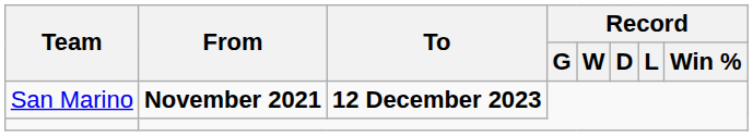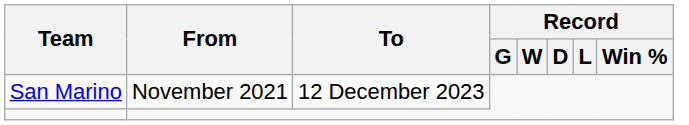 <table class="wikitable" style="text-align: center">
 <tr>
 <th rowspan="2">Team</th>
 <th rowspan="2">From</th>
 <th rowspan="2">To</th>
 <th colspan="5">Record</th>
 </tr>
 <tr>
 <th>G</th>
 <th>W</th>
 <th>D</th>
 <th>L</th>
 <th>Win %</th>
 </tr>
 <tr>
 <td align=left><a href='#'>San Marino</a></td>
-<td align=left><strong>November 2021</strong></td>
-<td align=left><strong>12 December 2023<br></strong></td>
+<td align=left>November 2021</td>
+<td align=left>12 December 2023<br></td>
 </tr>
 <tr>
 <td></td>
 </tr>
 </table>
